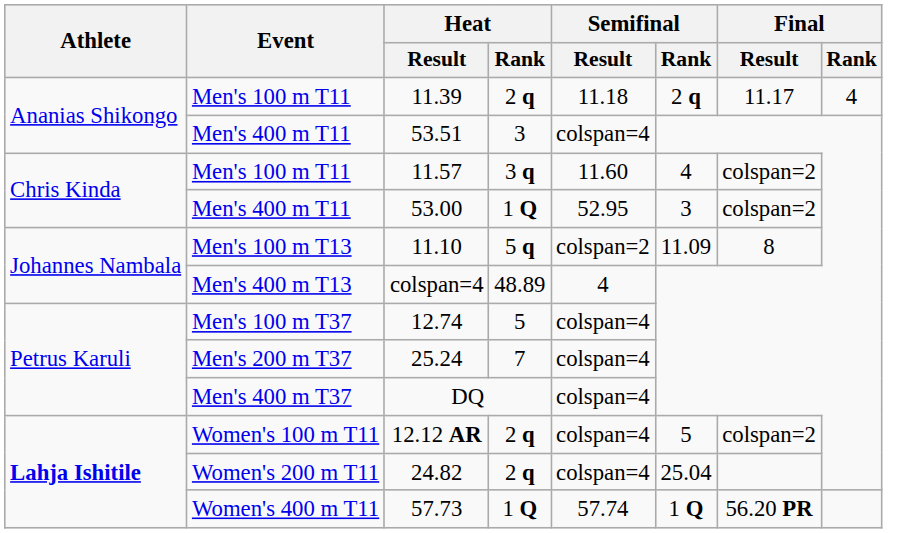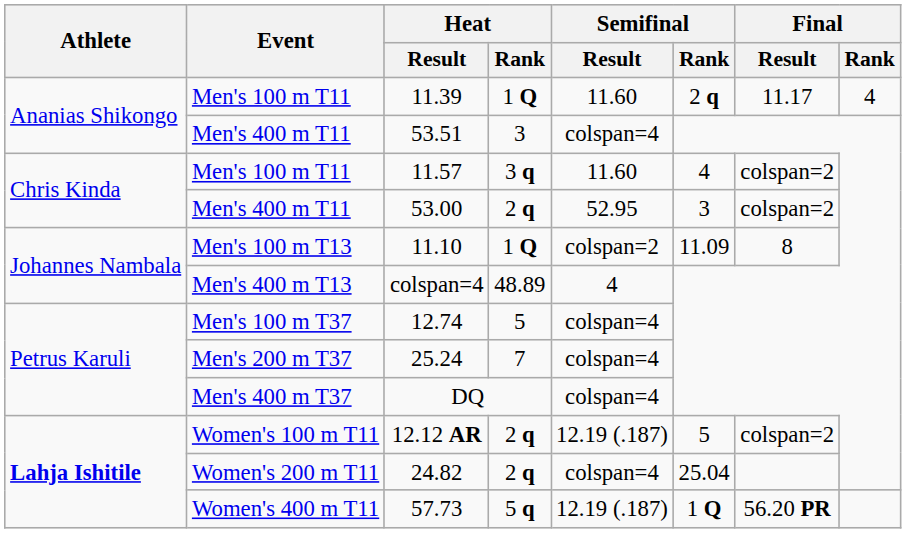 <table class="wikitable" style="font-size:90%">
 <tr>
 <th rowspan="2">Athlete</th>
 <th rowspan="2">Event</th>
 <th colspan="2">Heat</th>
 <th colspan="2">Semifinal</th>
 <th colspan="2">Final</th>
 </tr>
 <tr style="font-size:95%">
 <th>Result</th>
 <th>Rank</th>
 <th>Result</th>
 <th>Rank</th>
 <th>Result</th>
 <th>Rank</th>
 </tr>
 <tr align=center>
 <td align=left rowspan=2><a href='#'>Ananias Shikongo</a></td>
 <td align=left><a href='#'>Men's 100 m T11</a></td>
 <td>11.39</td>
-<td>2 <strong>q</strong></td>
-<td>11.18</td>
+<td>1 <strong>Q</strong></td>
+<td>11.60</td>
 <td>2 <strong>q</strong></td>
 <td>11.17</td>
 <td>4</td>
 </tr>
 <tr align=center>
 <td align=left><a href='#'>Men's 400 m T11</a></td>
 <td>53.51</td>
 <td>3</td>
 <td>colspan=4 </td>
 </tr>
 <tr align=center>
 <td align=left rowspan=2><a href='#'>Chris Kinda</a></td>
 <td align=left><a href='#'>Men's 100 m T11</a></td>
 <td>11.57</td>
 <td>3 <strong>q</strong></td>
 <td>11.60</td>
 <td>4</td>
 <td>colspan=2 </td>
 </tr>
 <tr align=center>
 <td align=left><a href='#'>Men's 400 m T11</a></td>
 <td>53.00</td>
-<td>1 <strong>Q</strong></td>
+<td>2 <strong>q</strong></td>
 <td>52.95</td>
 <td>3</td>
 <td>colspan=2 </td>
 </tr>
 <tr align=center>
 <td align=left rowspan=2><a href='#'>Johannes Nambala</a></td>
 <td align=left><a href='#'>Men's 100 m T13</a></td>
 <td>11.10</td>
-<td>5 <strong>q</strong></td>
+<td>1 <strong>Q</strong></td>
 <td>colspan=2 </td>
 <td>11.09</td>
 <td>8</td>
 </tr>
 <tr align=center>
 <td align=left><a href='#'>Men's 400 m T13</a></td>
 <td>colspan=4 </td>
 <td>48.89</td>
 <td>4</td>
 </tr>
 <tr align=center>
 <td align=left rowspan=3><a href='#'>Petrus Karuli</a></td>
 <td align=left><a href='#'>Men's 100 m T37</a></td>
 <td>12.74</td>
 <td>5</td>
 <td>colspan=4 </td>
 </tr>
 <tr align=center>
 <td align=left><a href='#'>Men's 200 m T37</a></td>
 <td>25.24</td>
 <td>7</td>
 <td>colspan=4 </td>
 </tr>
 <tr align=center>
 <td align=left><a href='#'>Men's 400 m T37</a></td>
 <td colspan=2>DQ</td>
 <td>colspan=4 </td>
 </tr>
 <tr align=center>
 <td align=left rowspan=3><strong><a href='#'>Lahja Ishitile</a></strong></td>
 <td align=left><a href='#'>Women's 100 m T11</a></td>
 <td>12.12 <strong>AR</strong></td>
 <td>2 <strong>q</strong></td>
-<td>colspan=4 </td>
+<td>12.19 (.187)</td>
 <td>5</td>
 <td>colspan=2 </td>
 </tr>
 <tr align=center>
 <td align=left><a href='#'>Women's 200 m T11</a></td>
 <td>24.82</td>
 <td>2 <strong>q</strong></td>
 <td>colspan=4 </td>
 <td>25.04</td>
 <td></td>
 </tr>
 <tr align=center>
 <td><a href='#'>Women's 400 m T11</a></td>
 <td>57.73</td>
-<td>1 <strong>Q</strong></td>
-<td>57.74</td>
+<td>5 <strong>q</strong></td>
+<td>12.19 (.187)</td>
 <td>1 <strong>Q</strong></td>
 <td>56.20 <strong>PR</strong></td>
 <td></td>
 </tr>
 </table>
